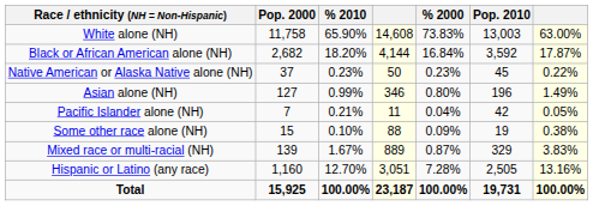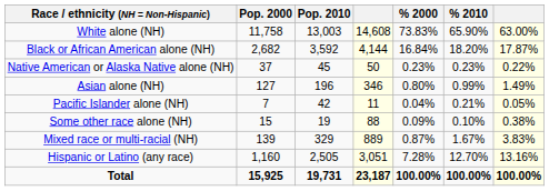 <table class="wikitable" style="text-align:center;">
 <tr>
 <th>Race / ethnicity <small>(<em>NH = Non-Hispanic</em>)</small></th>
 <th>Pop. 2000</th>
-<th>% 2010</th>
+<th>Pop. 2010</th>
 <th></th>
 <th>% 2000</th>
-<th>Pop. 2010</th>
+<th>% 2010</th>
 <th></th>
 </tr>
 <tr>
 <td><a href='#'>White</a> alone (NH)</td>
 <td>11,758</td>
-<td>65.90%</td>
+<td>13,003</td>
 <td style='background: #ffffe6;'>14,608</td>
 <td>73.83%</td>
-<td>13,003</td>
+<td>65.90%</td>
 <td style='background: #ffffe6;'>63.00%</td>
 </tr>
 <tr>
 <td><a href='#'>Black or African American</a> alone (NH)</td>
 <td>2,682</td>
-<td>18.20%</td>
+<td>3,592</td>
 <td style='background: #ffffe6;'>4,144</td>
 <td>16.84%</td>
-<td>3,592</td>
+<td>18.20%</td>
 <td style='background: #ffffe6;'>17.87%</td>
 </tr>
 <tr>
 <td><a href='#'>Native American</a> or <a href='#'>Alaska Native</a> alone (NH)</td>
 <td>37</td>
-<td>0.23%</td>
+<td>45</td>
 <td style='background: #ffffe6;'>50</td>
 <td>0.23%</td>
-<td>45</td>
+<td>0.23%</td>
 <td style='background: #ffffe6;'>0.22%</td>
 </tr>
 <tr>
 <td><a href='#'>Asian</a> alone (NH)</td>
 <td>127</td>
-<td>0.99%</td>
+<td>196</td>
 <td style='background: #ffffe6;'>346</td>
 <td>0.80%</td>
-<td>196</td>
+<td>0.99%</td>
 <td style='background: #ffffe6;'>1.49%</td>
 </tr>
 <tr>
 <td><a href='#'>Pacific Islander</a> alone (NH)</td>
 <td>7</td>
-<td>0.21%</td>
+<td>42</td>
 <td style='background: #ffffe6;'>11</td>
 <td>0.04%</td>
-<td>42</td>
+<td>0.21%</td>
 <td style='background: #ffffe6;'>0.05%</td>
 </tr>
 <tr>
 <td><a href='#'>Some other race</a> alone (NH)</td>
 <td>15</td>
-<td>0.10%</td>
+<td>19</td>
 <td style='background: #ffffe6;'>88</td>
 <td>0.09%</td>
-<td>19</td>
+<td>0.10%</td>
 <td style='background: #ffffe6;'>0.38%</td>
 </tr>
 <tr>
 <td><a href='#'>Mixed race or multi-racial</a> (NH)</td>
 <td>139</td>
-<td>1.67%</td>
+<td>329</td>
 <td style='background: #ffffe6;'>889</td>
 <td>0.87%</td>
-<td>329</td>
+<td>1.67%</td>
 <td style='background: #ffffe6;'>3.83%</td>
 </tr>
 <tr>
 <td><a href='#'>Hispanic or Latino</a> (any race)</td>
 <td>1,160</td>
-<td>12.70%</td>
+<td>2,505</td>
 <td style='background: #ffffe6;'>3,051</td>
 <td>7.28%</td>
-<td>2,505</td>
+<td>12.70%</td>
 <td style='background: #ffffe6;'>13.16%</td>
 </tr>
 <tr>
 <td><strong>Total</strong></td>
 <td><strong>15,925</strong></td>
-<td><strong>100.00%</strong></td>
+<td><strong>19,731</strong></td>
 <td style='background: #ffffe6;'><strong>23,187</strong></td>
 <td><strong>100.00%</strong></td>
-<td><strong>19,731</strong></td>
+<td><strong>100.00%</strong></td>
 <td style='background: #ffffe6;'><strong>100.00%</strong></td>
 </tr>
 </table>
